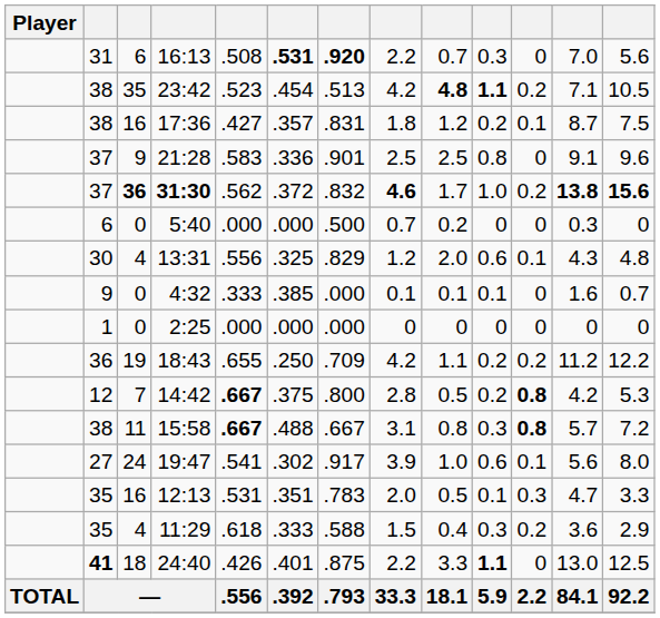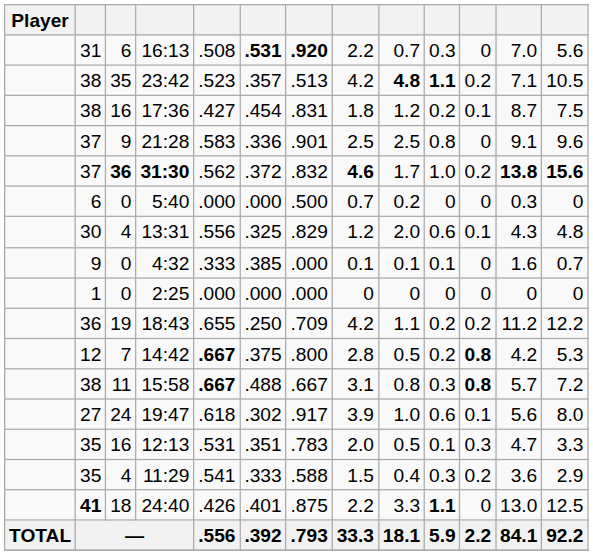 <table class="wikitable sortable" style="font-size:95%; text-align:right;">
 <tr>
 <th>Player</th>
 <th></th>
 <th></th>
 <th></th>
 <th></th>
 <th></th>
 <th></th>
 <th></th>
 <th></th>
 <th></th>
 <th></th>
 <th></th>
 <th></th>
 </tr>
 <tr>
 <td></td>
 <td>31</td>
 <td>6</td>
 <td>16:13</td>
 <td>.508</td>
 <td><strong>.531</strong></td>
 <td><strong>.920</strong></td>
 <td>2.2</td>
 <td>0.7</td>
 <td>0.3</td>
 <td>0</td>
 <td>7.0</td>
 <td>5.6</td>
 </tr>
 <tr>
 <td></td>
 <td>38</td>
 <td>35</td>
 <td>23:42</td>
 <td>.523</td>
-<td>.454</td>
+<td>.357</td>
 <td>.513</td>
 <td>4.2</td>
 <td><strong>4.8</strong></td>
 <td><strong>1.1</strong></td>
 <td>0.2</td>
 <td>7.1</td>
 <td>10.5</td>
 </tr>
 <tr>
 <td></td>
 <td>38</td>
 <td>16</td>
 <td>17:36</td>
 <td>.427</td>
-<td>.357</td>
+<td>.454</td>
 <td>.831</td>
 <td>1.8</td>
 <td>1.2</td>
 <td>0.2</td>
 <td>0.1</td>
 <td>8.7</td>
 <td>7.5</td>
 </tr>
 <tr>
 <td></td>
 <td>37</td>
 <td>9</td>
 <td>21:28</td>
 <td>.583</td>
 <td>.336</td>
 <td>.901</td>
 <td>2.5</td>
 <td>2.5</td>
 <td>0.8</td>
 <td>0</td>
 <td>9.1</td>
 <td>9.6</td>
 </tr>
 <tr>
 <td></td>
 <td>37</td>
 <td><strong>36</strong></td>
 <td><strong>31:30</strong></td>
 <td>.562</td>
 <td>.372</td>
 <td>.832</td>
 <td><strong>4.6</strong></td>
 <td>1.7</td>
 <td>1.0</td>
 <td>0.2</td>
 <td><strong>13.8</strong></td>
 <td><strong>15.6</strong></td>
 </tr>
 <tr>
 <td></td>
 <td>6</td>
 <td>0</td>
 <td>5:40</td>
 <td>.000</td>
 <td>.000</td>
 <td>.500</td>
 <td>0.7</td>
 <td>0.2</td>
 <td>0</td>
 <td>0</td>
 <td>0.3</td>
 <td>0</td>
 </tr>
 <tr>
 <td></td>
 <td>30</td>
 <td>4</td>
 <td>13:31</td>
 <td>.556</td>
 <td>.325</td>
 <td>.829</td>
 <td>1.2</td>
 <td>2.0</td>
 <td>0.6</td>
 <td>0.1</td>
 <td>4.3</td>
 <td>4.8</td>
 </tr>
 <tr>
 <td></td>
 <td>9</td>
 <td>0</td>
 <td>4:32</td>
 <td>.333</td>
 <td>.385</td>
 <td>.000</td>
 <td>0.1</td>
 <td>0.1</td>
 <td>0.1</td>
 <td>0</td>
 <td>1.6</td>
 <td>0.7</td>
 </tr>
 <tr>
 <td></td>
 <td>1</td>
 <td>0</td>
 <td>2:25</td>
 <td>.000</td>
 <td>.000</td>
 <td>.000</td>
 <td>0</td>
 <td>0</td>
 <td>0</td>
 <td>0</td>
 <td>0</td>
 <td>0</td>
 </tr>
 <tr>
 <td></td>
 <td>36</td>
 <td>19</td>
 <td>18:43</td>
 <td>.655</td>
 <td>.250</td>
 <td>.709</td>
 <td>4.2</td>
 <td>1.1</td>
 <td>0.2</td>
 <td>0.2</td>
 <td>11.2</td>
 <td>12.2</td>
 </tr>
 <tr>
 <td></td>
 <td>12</td>
 <td>7</td>
 <td>14:42</td>
 <td><strong>.667</strong></td>
 <td>.375</td>
 <td>.800</td>
 <td>2.8</td>
 <td>0.5</td>
 <td>0.2</td>
 <td><strong>0.8</strong></td>
 <td>4.2</td>
 <td>5.3</td>
 </tr>
 <tr>
 <td></td>
 <td>38</td>
 <td>11</td>
 <td>15:58</td>
 <td><strong>.667</strong></td>
 <td>.488</td>
 <td>.667</td>
 <td>3.1</td>
 <td>0.8</td>
 <td>0.3</td>
 <td><strong>0.8</strong></td>
 <td>5.7</td>
 <td>7.2</td>
 </tr>
 <tr>
 <td></td>
 <td>27</td>
 <td>24</td>
 <td>19:47</td>
-<td>.541</td>
+<td>.618</td>
 <td>.302</td>
 <td>.917</td>
 <td>3.9</td>
 <td>1.0</td>
 <td>0.6</td>
 <td>0.1</td>
 <td>5.6</td>
 <td>8.0</td>
 </tr>
 <tr>
 <td></td>
 <td>35</td>
 <td>16</td>
 <td>12:13</td>
 <td>.531</td>
 <td>.351</td>
 <td>.783</td>
 <td>2.0</td>
 <td>0.5</td>
 <td>0.1</td>
 <td>0.3</td>
 <td>4.7</td>
 <td>3.3</td>
 </tr>
 <tr>
 <td></td>
 <td>35</td>
 <td>4</td>
 <td>11:29</td>
-<td>.618</td>
+<td>.541</td>
 <td>.333</td>
 <td>.588</td>
 <td>1.5</td>
 <td>0.4</td>
 <td>0.3</td>
 <td>0.2</td>
 <td>3.6</td>
 <td>2.9</td>
 </tr>
 <tr>
 <td></td>
 <td><strong>41</strong></td>
 <td>18</td>
 <td>24:40</td>
 <td>.426</td>
 <td>.401</td>
 <td>.875</td>
 <td>2.2</td>
 <td>3.3</td>
 <td><strong>1.1</strong></td>
 <td>0</td>
 <td>13.0</td>
 <td>12.5</td>
 </tr>
 <tr>
 <th align=center><strong>TOTAL</strong></th>
 <th colspan=3>—</th>
 <th>.556</th>
 <th>.392</th>
 <th>.793</th>
 <th>33.3</th>
 <th>18.1</th>
 <th>5.9</th>
 <th>2.2</th>
 <th>84.1</th>
 <th>92.2</th>
 </tr>
 <tr>
 </tr>
 </table>
